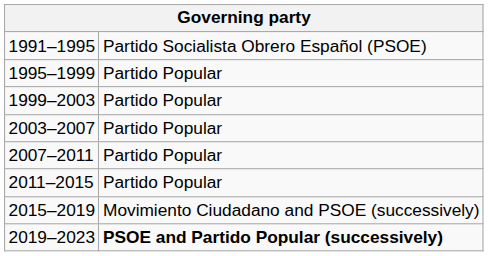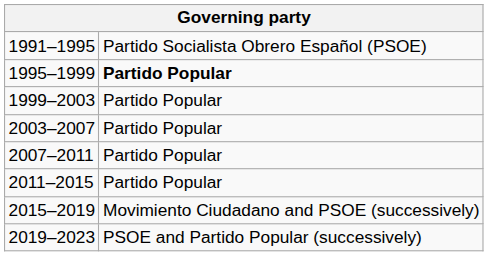 <table class="wikitable">
 <tr>
 <th colspan=2>Governing party</th>
 </tr>
 <tr>
 <td>1991–1995</td>
 <td>Partido Socialista Obrero Español (PSOE)</td>
 </tr>
 <tr>
 <td>1995–1999</td>
-<td>Partido Popular</td>
+<td><strong>Partido Popular</strong></td>
 </tr>
 <tr>
 <td>1999–2003</td>
 <td>Partido Popular</td>
 </tr>
 <tr>
 <td>2003–2007</td>
 <td>Partido Popular</td>
 </tr>
 <tr>
 <td>2007–2011</td>
 <td>Partido Popular</td>
 </tr>
 <tr>
 <td>2011–2015</td>
 <td>Partido Popular</td>
 </tr>
 <tr>
 <td>2015–2019</td>
 <td>Movimiento Ciudadano and PSOE (successively)</td>
 </tr>
 <tr>
 <td>2019–2023</td>
-<td><strong>PSOE and Partido Popular (successively)</strong></td>
+<td>PSOE and Partido Popular (successively)</td>
 </tr>
 </table>
